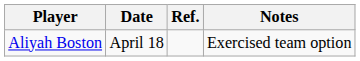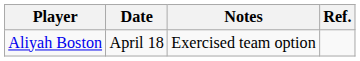 <table class="wikitable sortable" style="text-align: center">
 <tr>
 <th>Player</th>
 <th>Date</th>
+<th>Notes</th>
 <th>Ref.</th>
-<th>Notes</th>
 </tr>
 <tr>
 <td><a href='#'>Aliyah Boston</a></td>
 <td>April 18</td>
+<td>Exercised team option<br></td>
 <td></td>
-<td>Exercised team option<br></td>
 </tr>
 </table>
